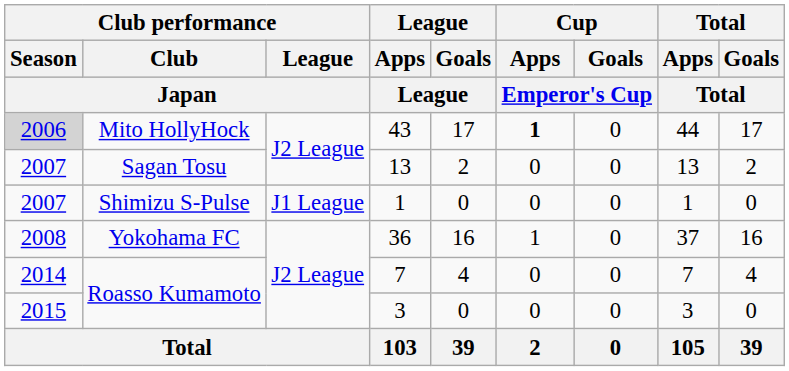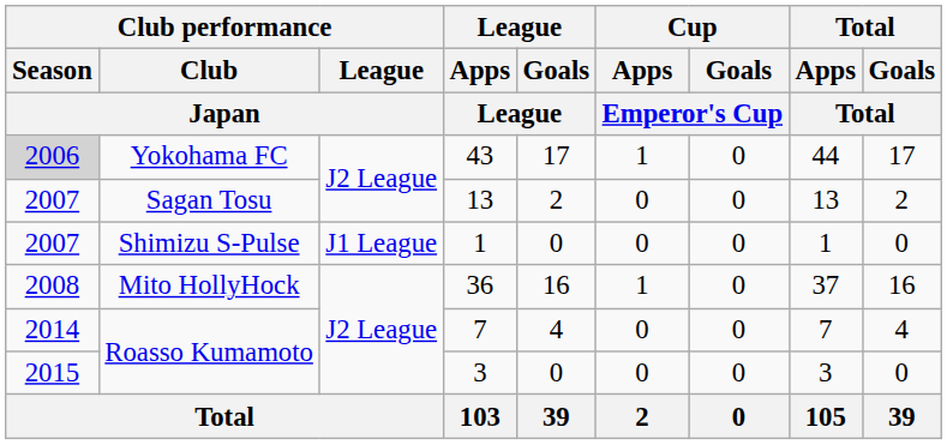 <table class="wikitable" style="text-align:center;">
 <tr>
 <th colspan=3>Club performance</th>
 <th colspan=2>League</th>
 <th colspan=2>Cup</th>
 <th colspan=2>Total</th>
 </tr>
 <tr>
 <th>Season</th>
 <th>Club</th>
 <th>League</th>
 <th>Apps</th>
 <th>Goals</th>
 <th>Apps</th>
 <th>Goals</th>
 <th>Apps</th>
 <th>Goals</th>
 </tr>
 <tr>
 <th colspan=3>Japan</th>
 <th colspan=2>League</th>
 <th colspan=2><a href='#'>Emperor's Cup</a></th>
 <th colspan=2>Total</th>
 </tr>
 <tr>
 <td style="background: lightgrey;"><a href='#'>2006</a></td>
-<td><a href='#'>Mito HollyHock</a></td>
+<td><a href='#'>Yokohama FC</a></td>
 <td rowspan=2><a href='#'>J2 League</a></td>
 <td>43</td>
 <td>17</td>
-<td><strong>1</strong></td>
+<td>1</td>
 <td>0</td>
 <td>44</td>
 <td>17</td>
 </tr>
 <tr>
 <td><a href='#'>2007</a></td>
 <td><a href='#'>Sagan Tosu</a></td>
 <td>13</td>
 <td>2</td>
 <td>0</td>
 <td>0</td>
 <td>13</td>
 <td>2</td>
 </tr>
 <tr>
 <td><a href='#'>2007</a></td>
 <td><a href='#'>Shimizu S-Pulse</a></td>
 <td><a href='#'>J1 League</a></td>
 <td>1</td>
 <td>0</td>
 <td>0</td>
 <td>0</td>
 <td>1</td>
 <td>0</td>
 </tr>
 <tr>
 <td><a href='#'>2008</a></td>
-<td><a href='#'>Yokohama FC</a></td>
+<td><a href='#'>Mito HollyHock</a></td>
 <td rowspan=3><a href='#'>J2 League</a></td>
 <td>36</td>
 <td>16</td>
 <td>1</td>
 <td>0</td>
 <td>37</td>
 <td>16</td>
 </tr>
 <tr>
 <td><a href='#'>2014</a></td>
 <td rowspan=2><a href='#'>Roasso Kumamoto</a></td>
 <td>7</td>
 <td>4</td>
 <td>0</td>
 <td>0</td>
 <td>7</td>
 <td>4</td>
 </tr>
 <tr>
 <td><a href='#'>2015</a></td>
 <td>3</td>
 <td>0</td>
 <td>0</td>
 <td>0</td>
 <td>3</td>
 <td>0</td>
 </tr>
 <tr>
 <th colspan=3>Total</th>
 <th>103</th>
 <th>39</th>
 <th>2</th>
 <th>0</th>
 <th>105</th>
 <th>39</th>
 </tr>
 </table>
